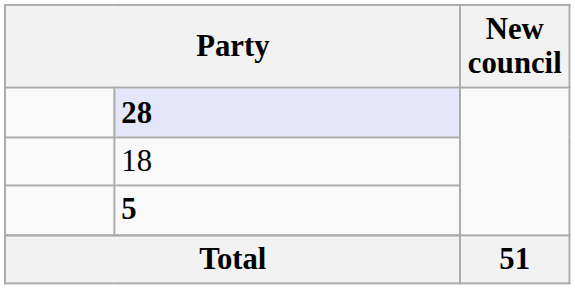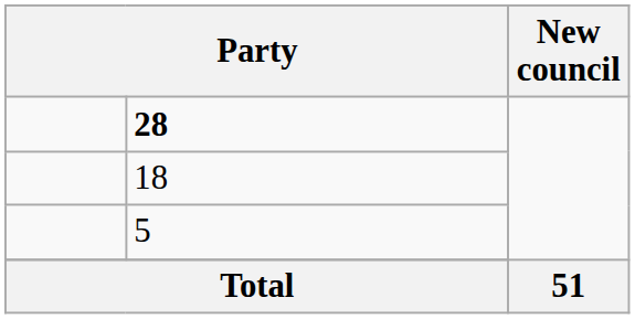 <table class="wikitable">
 <tr>
 <th valign=centre colspan="2" style="width: 230px">Party</th>
 <th valign=top style="width: 30px">New council</th>
 </tr>
 <tr>
 <td></td>
-<td style="background: lavender;"><strong>28</strong></td>
+<td><strong>28</strong></td>
 </tr>
 <tr>
 <td></td>
 <td>18</td>
 </tr>
 <tr>
 <td></td>
-<td><strong>5</strong></td>
+<td>5</td>
 </tr>
 <tr>
 </tr>
 <tr>
 <th colspan=2>Total</th>
 <th colspan=3>51</th>
 </tr>
 </table>
